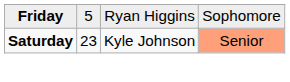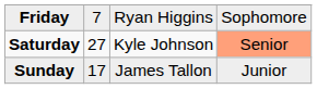 <table class="wikitable non-sortable">
 <tr>
 </tr>
 <tr style="background:#eeeeee;text-align:center;">
 <td><strong>Friday</strong></td>
-<td>5</td>
+<td>7</td>
 <td>Ryan Higgins</td>
 <td>Sophomore</td>
 </tr>
 <tr style="text-align:center;">
 <td><strong>Saturday</strong></td>
-<td>23</td>
+<td>27</td>
 <td>Kyle Johnson</td>
 <td style="background: lightsalmon;">Senior</td>
 </tr>
+<tr style="background:#eeeeee;text-align:center;">
+<td><strong>Sunday</strong></td>
+<td>17</td>
+<td>James Tallon</td>
+<td>Junior</td>
+</tr>
 </table>
